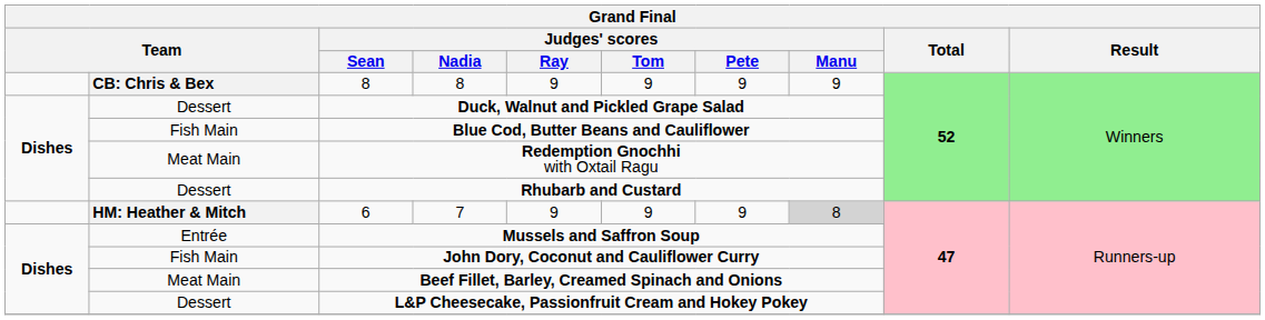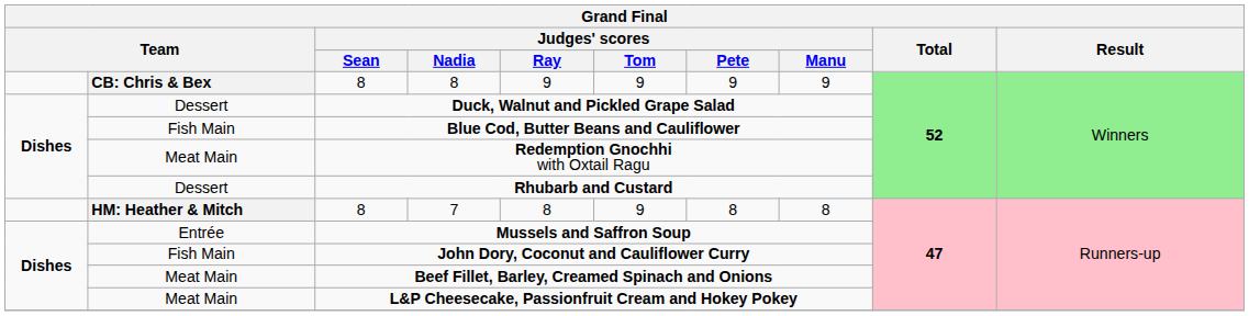 <table class="wikitable" style="text-align: center; font-size: 90%; line-height:14px; width:80em;">
 <tr>
 <th colspan="12" >Grand Final</th>
 </tr>
 <tr>
 <th rowspan="2" style="width:25%;" colspan="2">Team</th>
 <th colspan="6" style="with:50%;">Judges' scores</th>
 <th rowspan="2" style="width:10%;">Total<br></th>
 <th rowspan="2" style="width:20%;">Result</th>
 </tr>
 <tr>
 <th colspan="1" style="width:40px;"><a href='#'>Sean</a></th>
 <th colspan="1" style="width:40px;"><a href='#'>Nadia</a></th>
 <th colspan="1" style="width:40px;"><a href='#'>Ray</a></th>
 <th colspan="1" style="width:40px;"><a href='#'>Tom</a></th>
 <th colspan="1" style="width:40px;"><a href='#'>Pete</a></th>
 <th colspan="1" style="width:40px;"><a href='#'>Manu</a></th>
 </tr>
 <tr>
 <td></td>
 <th scope="row" style="text-align:left;"><strong>CB: Chris & Bex</strong></th>
 <td>8</td>
 <td>8</td>
 <td>9</td>
 <td>9</td>
 <td>9</td>
 <td>9</td>
 <td style="background:lightgreen" rowspan="5"><strong>52</strong></td>
 <td style="background:lightgreen" rowspan="5">Winners</td>
 </tr>
 <tr>
 <td rowspan="4"><strong>Dishes</strong></td>
 <td>Dessert</td>
 <td colspan="6"><strong>Duck, Walnut and Pickled Grape Salad</strong></td>
 </tr>
 <tr>
 <td>Fish Main</td>
 <td colspan="6"><strong>Blue Cod, Butter Beans and Cauliflower</strong></td>
 </tr>
 <tr>
 <td>Meat Main</td>
 <td colspan="6"><strong>Redemption Gnochhi</strong><br>with Oxtail Ragu</td>
 </tr>
 <tr>
 <td>Dessert</td>
 <td colspan="6"><strong>Rhubarb and Custard</strong></td>
 </tr>
 <tr>
 <td></td>
 <th scope="row" style="text-align:left;"><strong>HM: Heather & Mitch</strong></th>
-<td>6</td>
+<td>8</td>
 <td>7</td>
+<td>8</td>
 <td>9</td>
-<td>9</td>
-<td>9</td>
-<td style="background: lightgrey;">8</td>
+<td>8</td>
+<td>8</td>
 <td style="background:pink" rowspan="5"><strong>47</strong></td>
 <td style="background:pink" rowspan="5">Runners-up</td>
 </tr>
 <tr>
 <td rowspan="4"><strong>Dishes</strong></td>
 <td>Entrée</td>
 <td colspan="6"><strong>Mussels and Saffron Soup</strong></td>
 </tr>
 <tr>
 <td>Fish Main</td>
 <td colspan="6"><strong>John Dory, Coconut and Cauliflower Curry</strong></td>
 </tr>
 <tr>
 <td>Meat Main</td>
 <td colspan="6"><strong>Beef Fillet, Barley, Creamed Spinach and Onions</strong></td>
 </tr>
 <tr>
-<td>Dessert</td>
+<td>Meat Main</td>
 <td colspan="6"><strong>L&P Cheesecake, Passionfruit Cream and Hokey Pokey</strong></td>
 </tr>
 <tr>
 </tr>
 </table>
